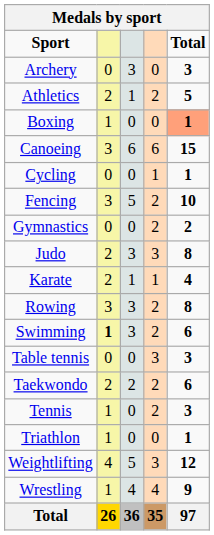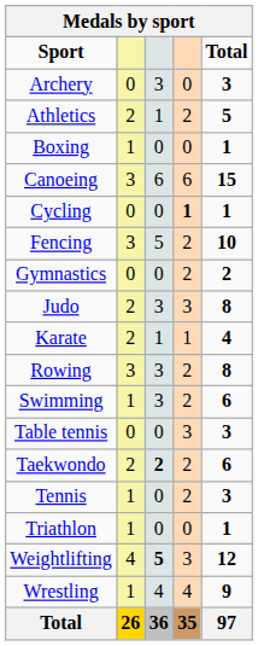 <table class="wikitable" style="font-size:85%; text-align:center;">
 <tr style="background:#efefef;">
 <th colspan=5><strong>Medals by sport</strong></th>
 </tr>
 <tr>
 <td><strong>Sport</strong></td>
 <td style="background:#f7f6a8;"></td>
 <td style="background:#dce5e5;"></td>
 <td style="background:#ffdab9;"></td>
 <td><strong>Total</strong></td>
 </tr>
 <tr>
 <td><a href='#'>Archery</a></td>
 <td style="background:#F7F6A8;">0</td>
 <td style="background:#DCE5E5;">3</td>
 <td style="background:#FFDAB9;">0</td>
 <td><strong>3</strong></td>
 </tr>
 <tr>
 <td><a href='#'>Athletics</a></td>
 <td style="background:#F7F6A8;">2</td>
 <td style="background:#DCE5E5;">1</td>
 <td style="background:#FFDAB9;">2</td>
 <td><strong>5</strong></td>
 </tr>
 <tr>
 <td><a href='#'>Boxing</a></td>
 <td style="background:#F7F6A8;">1</td>
 <td style="background:#DCE5E5;">0</td>
 <td style="background:#FFDAB9;">0</td>
-<td style="background: lightsalmon;"><strong>1</strong></td>
+<td><strong>1</strong></td>
 </tr>
 <tr>
 <td><a href='#'>Canoeing</a></td>
 <td style="background:#F7F6A8;">3</td>
 <td style="background:#DCE5E5;">6</td>
 <td style="background:#FFDAB9;">6</td>
 <td><strong>15</strong></td>
 </tr>
 <tr>
 <td><a href='#'>Cycling</a></td>
 <td style="background:#F7F6A8;">0</td>
 <td style="background:#DCE5E5;">0</td>
-<td style="background:#FFDAB9;">1</td>
+<td style="background:#FFDAB9;"><strong>1</strong></td>
 <td><strong>1</strong></td>
 </tr>
 <tr>
 <td><a href='#'>Fencing</a></td>
 <td style="background:#F7F6A8;">3</td>
 <td style="background:#DCE5E5;">5</td>
 <td style="background:#FFDAB9;">2</td>
 <td><strong>10</strong></td>
 </tr>
 <tr>
 <td><a href='#'>Gymnastics</a></td>
 <td style="background:#F7F6A8;">0</td>
 <td style="background:#DCE5E5;">0</td>
 <td style="background:#FFDAB9;">2</td>
 <td><strong>2</strong></td>
 </tr>
 <tr>
 <td><a href='#'>Judo</a></td>
 <td style="background:#F7F6A8;">2</td>
 <td style="background:#DCE5E5;">3</td>
 <td style="background:#FFDAB9;">3</td>
 <td><strong>8</strong></td>
 </tr>
 <tr>
 <td><a href='#'>Karate</a></td>
 <td style="background:#F7F6A8;">2</td>
 <td style="background:#DCE5E5;">1</td>
 <td style="background:#FFDAB9;">1</td>
 <td><strong>4</strong></td>
 </tr>
 <tr>
 <td><a href='#'>Rowing</a></td>
 <td style="background:#F7F6A8;">3</td>
 <td style="background:#DCE5E5;">3</td>
 <td style="background:#FFDAB9;">2</td>
 <td><strong>8</strong></td>
 </tr>
 <tr>
 <td><a href='#'>Swimming</a></td>
-<td style="background:#F7F6A8;"><strong>1</strong></td>
+<td style="background:#F7F6A8;">1</td>
 <td style="background:#DCE5E5;">3</td>
 <td style="background:#FFDAB9;">2</td>
 <td><strong>6</strong></td>
 </tr>
 <tr>
 <td><a href='#'>Table tennis</a></td>
 <td style="background:#F7F6A8;">0</td>
 <td style="background:#DCE5E5;">0</td>
 <td style="background:#FFDAB9;">3</td>
 <td><strong>3</strong></td>
 </tr>
 <tr>
 <td><a href='#'>Taekwondo</a></td>
 <td style="background:#F7F6A8;">2</td>
-<td style="background:#DCE5E5;">2</td>
+<td style="background:#DCE5E5;"><strong>2</strong></td>
 <td style="background:#FFDAB9;">2</td>
 <td><strong>6</strong></td>
 </tr>
 <tr>
 <td><a href='#'>Tennis</a></td>
 <td style="background:#F7F6A8;">1</td>
 <td style="background:#DCE5E5;">0</td>
 <td style="background:#FFDAB9;">2</td>
 <td><strong>3</strong></td>
 </tr>
 <tr>
 <td><a href='#'>Triathlon</a></td>
 <td style="background:#F7F6A8;">1</td>
 <td style="background:#DCE5E5;">0</td>
 <td style="background:#FFDAB9;">0</td>
 <td><strong>1</strong></td>
 </tr>
 <tr>
 <td><a href='#'>Weightlifting</a></td>
 <td style="background:#F7F6A8;">4</td>
-<td style="background:#DCE5E5;">5</td>
+<td style="background:#DCE5E5;"><strong>5</strong></td>
 <td style="background:#FFDAB9;">3</td>
 <td><strong>12</strong></td>
 </tr>
 <tr>
 <td><a href='#'>Wrestling</a></td>
 <td style="background:#F7F6A8;">1</td>
 <td style="background:#DCE5E5;">4</td>
 <td style="background:#FFDAB9;">4</td>
 <td><strong>9</strong></td>
 </tr>
 <tr>
 <th>Total</th>
 <th style="background:gold;"  >26</th>
 <th style="background:silver;">36</th>
 <th style="background:#c96;"  >35</th>
 <th>97</th>
 </tr>
 </table>
